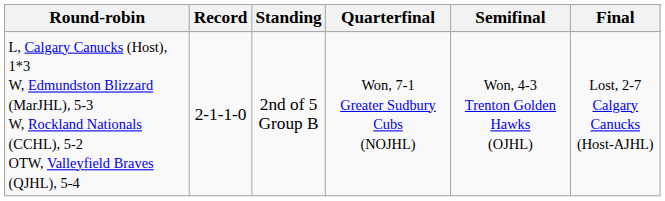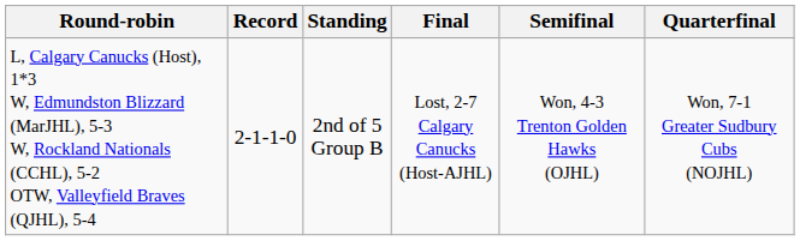 <table class="wikitable" style="text-align:center;">
 <tr>
 <th>Round-robin</th>
 <th>Record</th>
 <th>Standing</th>
+<th>Final</th>
+<th>Semifinal</th>
 <th>Quarterfinal</th>
-<th>Semifinal</th>
-<th>Final</th>
 </tr>
 <tr>
 <td align=left><small>L, <a href='#'>Calgary Canucks</a> (Host), 1*3<br>W, <a href='#'>Edmundston Blizzard</a> (MarJHL), 5-3<br>W, <a href='#'>Rockland Nationals</a> (CCHL), 5-2<br>OTW, <a href='#'>Valleyfield Braves</a> (QJHL), 5-4</small></td>
 <td>2-1-1-0</td>
 <td>2nd of 5 <br>Group B</td>
+<td><small>Lost, 2-7<br> <a href='#'>Calgary Canucks</a><br>(Host-AJHL)</small></td>
+<td><small> Won, 4-3<br><a href='#'>Trenton Golden Hawks</a><br>(OJHL)</small></td>
 <td><small> Won, 7-1<br><a href='#'>Greater Sudbury Cubs</a><br>(NOJHL)</small></td>
-<td><small> Won, 4-3<br><a href='#'>Trenton Golden Hawks</a><br>(OJHL)</small></td>
-<td><small>Lost, 2-7<br> <a href='#'>Calgary Canucks</a><br>(Host-AJHL)</small></td>
 </tr>
 </table>
